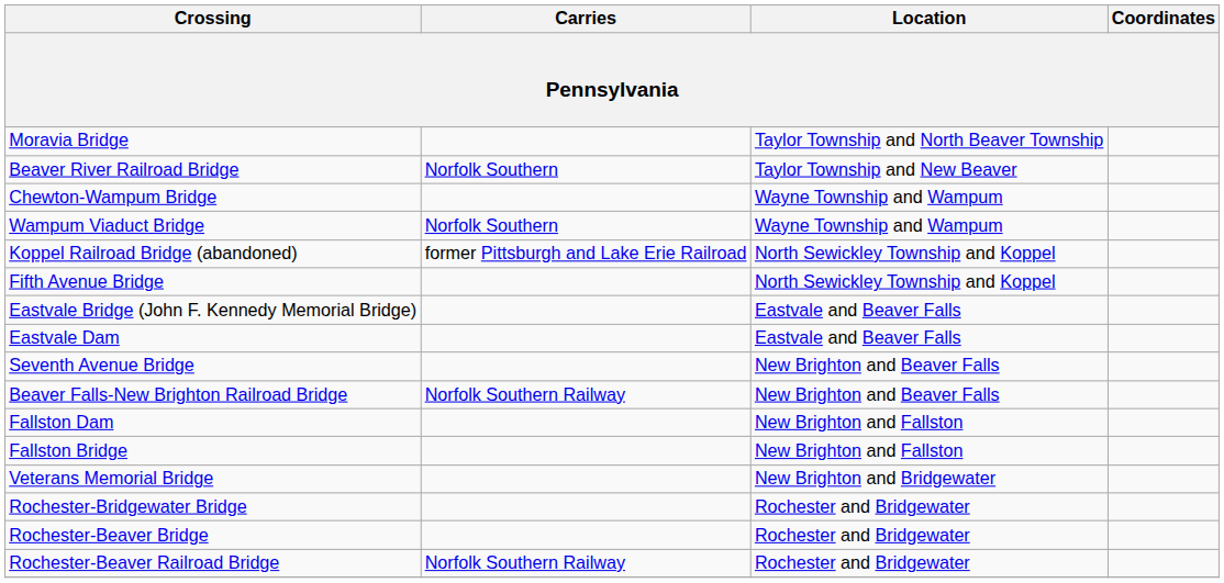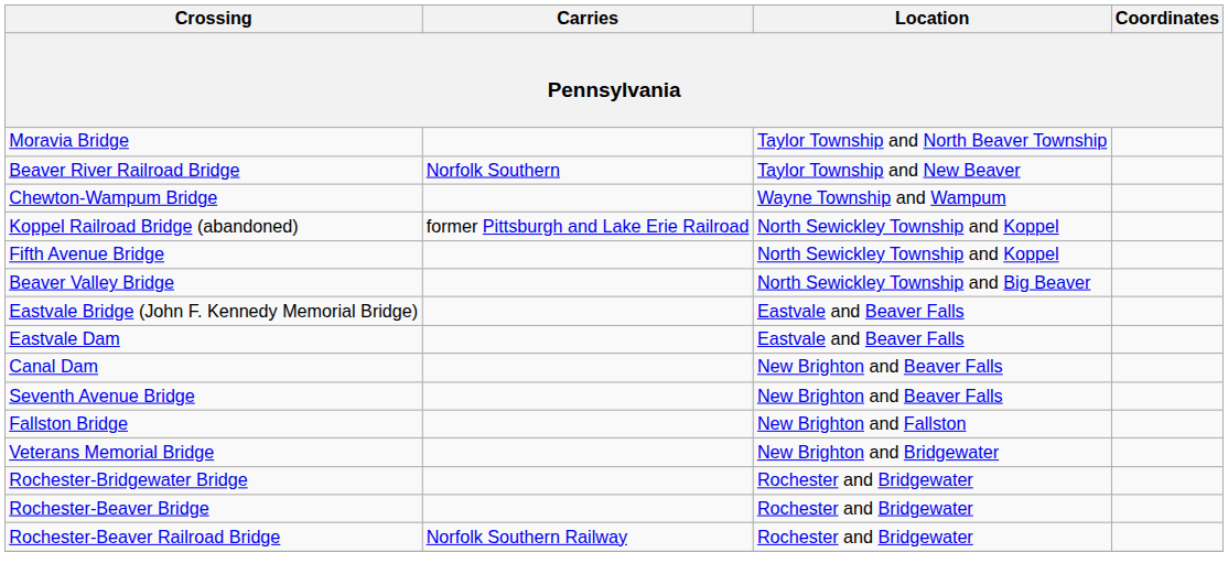 <table class=wikitable>
 <tr>
 <th>Crossing</th>
 <th>Carries</th>
 <th>Location</th>
 <th>Coordinates</th>
 </tr>
 <tr>
 <th colspan=4><br><h3>Pennsylvania</h3></th>
 </tr>
 <tr>
 <td><a href='#'>Moravia Bridge</a></td>
 <td></td>
 <td><a href='#'>Taylor Township</a> and <a href='#'>North Beaver Township</a></td>
 </tr>
 <tr>
 <td><a href='#'>Beaver River Railroad Bridge</a></td>
 <td><a href='#'>Norfolk Southern</a></td>
 <td><a href='#'>Taylor Township</a> and <a href='#'>New Beaver</a></td>
 <td></td>
 </tr>
 <tr>
 <td><a href='#'>Chewton-Wampum Bridge</a></td>
 <td></td>
 <td><a href='#'>Wayne Township</a> and <a href='#'>Wampum</a></td>
 <td></td>
 </tr>
 <tr>
-<td><a href='#'>Wampum Viaduct Bridge</a></td>
-<td><a href='#'>Norfolk Southern</a></td>
-<td><a href='#'>Wayne Township</a> and <a href='#'>Wampum</a></td>
-<td></td>
-</tr>
-<tr>
 <td><a href='#'>Koppel Railroad Bridge</a> (abandoned)</td>
 <td>former <a href='#'>Pittsburgh and Lake Erie Railroad</a></td>
 <td><a href='#'>North Sewickley Township</a> and <a href='#'>Koppel</a></td>
 <td></td>
 </tr>
 <tr>
 <td><a href='#'>Fifth Avenue Bridge</a></td>
 <td></td>
 <td><a href='#'>North Sewickley Township</a> and <a href='#'>Koppel</a></td>
+<td></td>
+</tr>
+<tr>
+<td><a href='#'>Beaver Valley Bridge</a></td>
+<td></td>
+<td><a href='#'>North Sewickley Township</a> and <a href='#'>Big Beaver</a></td>
 <td></td>
 </tr>
 <tr>
 <td><a href='#'>Eastvale Bridge</a> (John F. Kennedy Memorial Bridge)</td>
 <td></td>
 <td><a href='#'>Eastvale</a> and <a href='#'>Beaver Falls</a></td>
 <td></td>
 </tr>
 <tr>
 <td><a href='#'>Eastvale Dam</a></td>
 <td></td>
 <td><a href='#'>Eastvale</a> and <a href='#'>Beaver Falls</a></td>
 <td></td>
 </tr>
 <tr>
-<td><a href='#'>Seventh Avenue Bridge</a></td>
+<td><a href='#'>Canal Dam</a></td>
 <td></td>
 <td><a href='#'>New Brighton</a> and <a href='#'>Beaver Falls</a></td>
 <td></td>
 </tr>
 <tr>
-<td><a href='#'>Beaver Falls-New Brighton Railroad Bridge</a></td>
-<td><a href='#'>Norfolk Southern Railway</a></td>
+<td><a href='#'>Seventh Avenue Bridge</a></td>
+<td></td>
 <td><a href='#'>New Brighton</a> and <a href='#'>Beaver Falls</a></td>
-<td></td>
-</tr>
-<tr>
-<td><a href='#'>Fallston Dam</a></td>
-<td></td>
-<td><a href='#'>New Brighton</a> and <a href='#'>Fallston</a></td>
 <td></td>
 </tr>
 <tr>
 <td><a href='#'>Fallston Bridge</a></td>
 <td></td>
 <td><a href='#'>New Brighton</a> and <a href='#'>Fallston</a></td>
 <td></td>
 </tr>
 <tr>
 <td><a href='#'>Veterans Memorial Bridge</a></td>
 <td></td>
 <td><a href='#'>New Brighton</a> and <a href='#'>Bridgewater</a></td>
 <td></td>
 </tr>
 <tr>
 <td><a href='#'>Rochester-Bridgewater Bridge</a></td>
 <td></td>
 <td><a href='#'>Rochester</a> and <a href='#'>Bridgewater</a></td>
 <td></td>
 </tr>
 <tr>
 <td><a href='#'>Rochester-Beaver Bridge</a></td>
 <td></td>
 <td><a href='#'>Rochester</a> and <a href='#'>Bridgewater</a></td>
 <td></td>
 </tr>
 <tr>
 <td><a href='#'>Rochester-Beaver Railroad Bridge</a></td>
 <td><a href='#'>Norfolk Southern Railway</a></td>
 <td><a href='#'>Rochester</a> and <a href='#'>Bridgewater</a></td>
 <td></td>
 </tr>
 <tr>
 </tr>
 </table>
